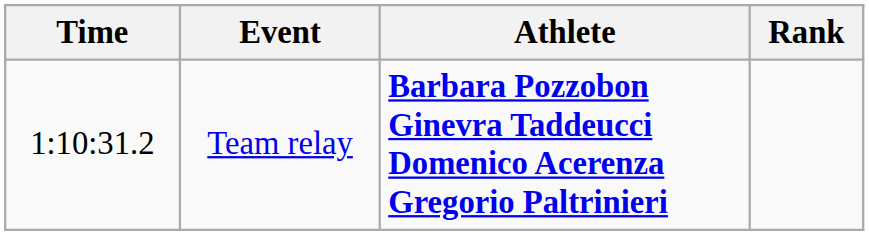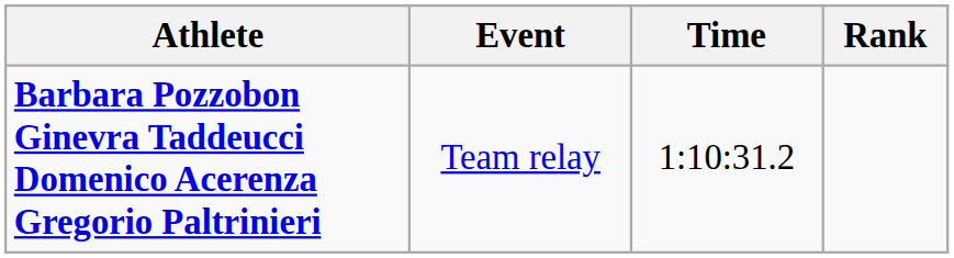 <table class="wikitable" style="text-align:center; font-size:90%; width:30%;">
 <tr>
+<th>Athlete</th>
+<th>Event</th>
 <th>Time</th>
-<th>Event</th>
-<th>Athlete</th>
 <th>Rank</th>
 </tr>
 <tr>
+<td align=left><strong><a href='#'>Barbara Pozzobon</a><br><a href='#'>Ginevra Taddeucci</a><br><a href='#'>Domenico Acerenza</a><br><a href='#'>Gregorio Paltrinieri</a></strong></td>
+<td><a href='#'>Team relay</a></td>
 <td>1:10:31.2</td>
-<td><a href='#'>Team relay</a></td>
-<td align=left><strong><a href='#'>Barbara Pozzobon</a><br><a href='#'>Ginevra Taddeucci</a><br><a href='#'>Domenico Acerenza</a><br><a href='#'>Gregorio Paltrinieri</a></strong></td>
 <td></td>
 </tr>
 </table>
